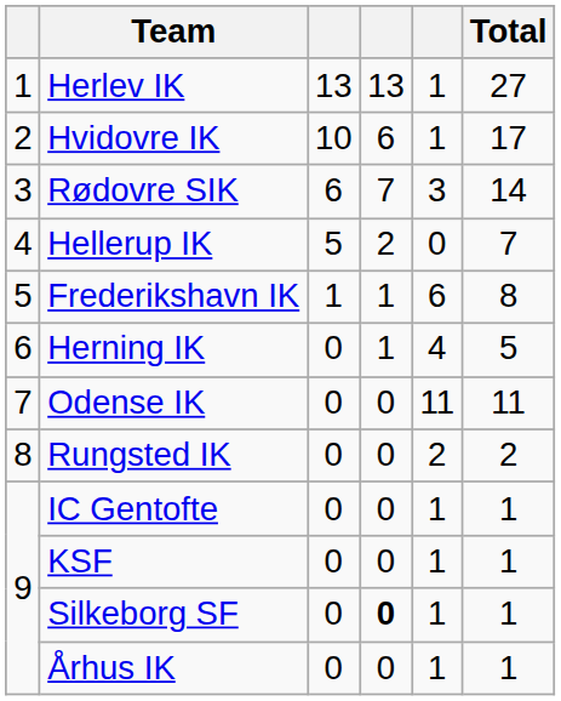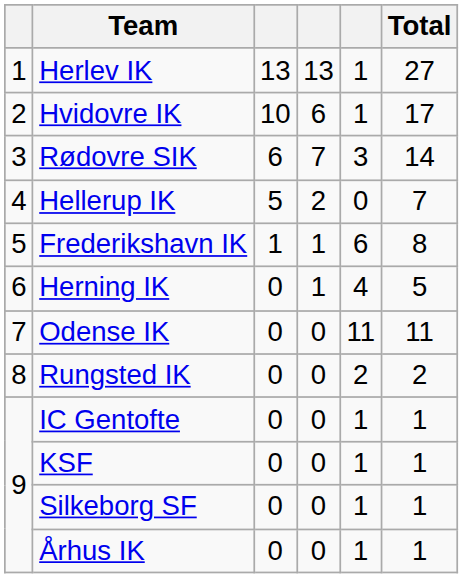 <table class="wikitable sortable" style="text-size: 80%; text-align:center">
 <tr>
 <th></th>
 <th>Team</th>
 <th></th>
 <th></th>
 <th></th>
 <th>Total</th>
 </tr>
 <tr>
 <td>1</td>
 <td align=left><a href='#'>Herlev IK</a></td>
 <td>13</td>
 <td>13</td>
 <td>1</td>
 <td>27</td>
 </tr>
 <tr>
 <td>2</td>
 <td align=left><a href='#'>Hvidovre IK</a></td>
 <td>10</td>
 <td>6</td>
 <td>1</td>
 <td>17</td>
 </tr>
 <tr>
 <td>3</td>
 <td align="left"><a href='#'>Rødovre SIK</a></td>
 <td>6</td>
 <td>7</td>
 <td>3</td>
 <td>14</td>
 </tr>
 <tr>
 <td>4</td>
 <td align="left"><a href='#'>Hellerup IK</a></td>
 <td>5</td>
 <td>2</td>
 <td>0</td>
 <td>7</td>
 </tr>
 <tr>
 <td>5</td>
 <td align=left><a href='#'>Frederikshavn IK</a></td>
 <td>1</td>
 <td>1</td>
 <td>6</td>
 <td>8</td>
 </tr>
 <tr>
 <td>6</td>
 <td align="left"><a href='#'>Herning IK</a></td>
 <td>0</td>
 <td>1</td>
 <td>4</td>
 <td>5</td>
 </tr>
 <tr>
 <td>7</td>
 <td align="left"><a href='#'>Odense IK</a></td>
 <td>0</td>
 <td>0</td>
 <td>11</td>
 <td>11</td>
 </tr>
 <tr>
 <td>8</td>
 <td align="left"><a href='#'>Rungsted IK</a></td>
 <td>0</td>
 <td>0</td>
 <td>2</td>
 <td>2</td>
 </tr>
 <tr>
 <td rowspan="4">9</td>
 <td align="left"><a href='#'>IC Gentofte</a></td>
 <td>0</td>
 <td>0</td>
 <td>1</td>
 <td>1</td>
 </tr>
 <tr>
 <td align="left"><a href='#'>KSF</a></td>
 <td>0</td>
 <td>0</td>
 <td>1</td>
 <td>1</td>
 </tr>
 <tr>
 <td align="left"><a href='#'>Silkeborg SF</a></td>
 <td>0</td>
-<td><strong>0</strong></td>
+<td>0</td>
 <td>1</td>
 <td>1</td>
 </tr>
 <tr>
 <td align="left"><a href='#'>Århus IK</a></td>
 <td>0</td>
 <td>0</td>
 <td>1</td>
 <td>1</td>
 </tr>
 </table>
